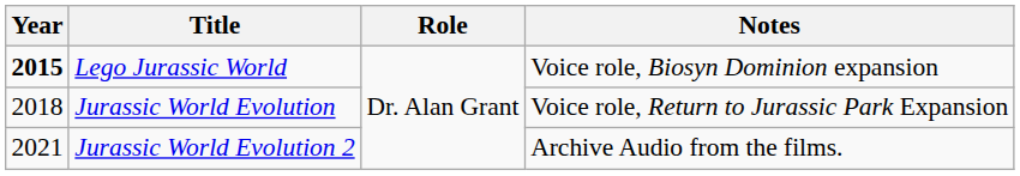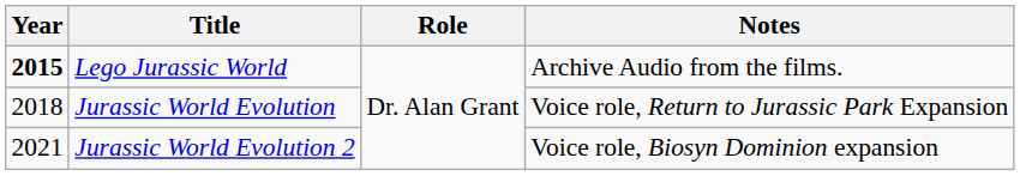 <table class="wikitable sortable">
 <tr>
 <th>Year</th>
 <th>Title</th>
 <th>Role</th>
 <th class="unsortable">Notes</th>
 </tr>
 <tr>
 <td><strong>2015</strong></td>
 <td><em><a href='#'>Lego Jurassic World</a></em></td>
 <td rowspan="3">Dr. Alan Grant</td>
-<td>Voice role, <em>Biosyn Dominion</em> expansion</td>
+<td>Archive Audio from the films.</td>
 </tr>
 <tr>
 <td>2018</td>
 <td><em><a href='#'>Jurassic World Evolution</a></em></td>
 <td>Voice role, <em>Return to Jurassic Park</em> Expansion</td>
 </tr>
 <tr>
 <td>2021</td>
 <td><em><a href='#'>Jurassic World Evolution 2</a></em></td>
-<td>Archive Audio from the films.</td>
+<td>Voice role, <em>Biosyn Dominion</em> expansion</td>
 </tr>
 </table>
